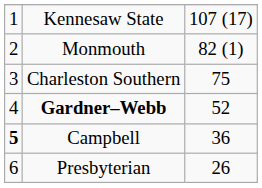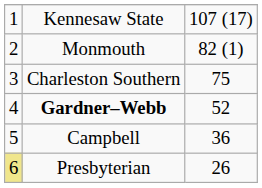 <table class="wikitable">
 <tr align="center">
 </tr>
 <tr align="center">
 <td>1</td>
 <td>Kennesaw State</td>
 <td>107 (17)</td>
 </tr>
 <tr align="center">
 <td>2</td>
 <td>Monmouth</td>
 <td>82 (1)</td>
 </tr>
 <tr align="center">
 <td>3</td>
 <td>Charleston Southern</td>
 <td>75</td>
 </tr>
 <tr align="center">
 <td>4</td>
 <td><strong>Gardner–Webb</strong></td>
 <td>52</td>
 </tr>
 <tr align="center">
-<td><strong>5</strong></td>
+<td>5</td>
 <td>Campbell</td>
 <td>36</td>
 </tr>
 <tr align="center">
-<td>6</td>
+<td style="background: khaki;">6</td>
 <td>Presbyterian</td>
 <td>26</td>
 </tr>
 </table>
